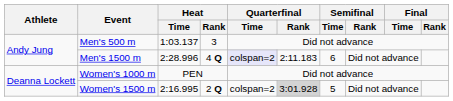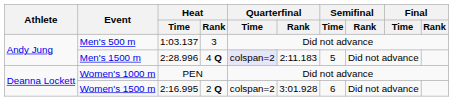 <table class="wikitable" style="font-size:90%">
 <tr>
 <th rowspan=2>Athlete</th>
 <th rowspan=2>Event</th>
 <th colspan=2>Heat</th>
 <th colspan=2>Quarterfinal</th>
 <th colspan=2>Semifinal</th>
 <th colspan=2>Final</th>
 </tr>
 <tr style="font-size:95%">
 <th>Time</th>
 <th>Rank</th>
 <th>Time</th>
 <th>Rank</th>
 <th>Time</th>
 <th>Rank</th>
 <th>Time</th>
 <th>Rank</th>
 </tr>
 <tr align=center>
 <td align=left rowspan=2><a href='#'>Andy Jung</a></td>
 <td align=left><a href='#'>Men's 500 m</a></td>
 <td>1:03.137</td>
 <td>3</td>
 <td colspan=6>Did not advance</td>
 </tr>
 <tr align=center>
 <td align=left><a href='#'>Men's 1500 m</a></td>
 <td>2:28.996</td>
 <td>4 <strong>Q</strong></td>
 <td style="background: lavender;">colspan=2 </td>
 <td>2:11.183</td>
-<td>6</td>
+<td>5</td>
 <td colspan=2>Did not advance</td>
 </tr>
 <tr align=center>
 <td align=left rowspan=2><a href='#'>Deanna Lockett</a></td>
 <td align=left><a href='#'>Women's 1000 m</a></td>
 <td colspan=2>PEN</td>
 <td colspan=6>Did not advance</td>
 </tr>
 <tr align=center>
 <td align=left><a href='#'>Women's 1500 m</a></td>
 <td>2:16.995</td>
 <td>2 <strong>Q</strong></td>
 <td>colspan=2 </td>
-<td style="background: lightgrey;">3:01.928</td>
-<td>5</td>
+<td>3:01.928</td>
+<td>6</td>
 <td colspan=2>Did not advance</td>
 </tr>
 </table>
